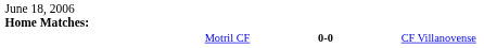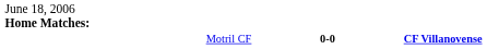 <table width=100% cellspacing=1>
 <tr>
 <th width=20%></th>
 <th width=12%></th>
 <th width=20%></th>
 <th></th>
 </tr>
 <tr>
 <td>June 18, 2006<br><strong>Home Matches:</strong></td>
 </tr>
 <tr style=font-size:90%>
 <td align=right><a href='#'>Motril CF</a></td>
 <td align=center><strong>0-0</strong></td>
-<td><a href='#'>CF Villanovense</a></td>
+<td><strong><a href='#'>CF Villanovense</a></strong></td>
 </tr>
 </table>
